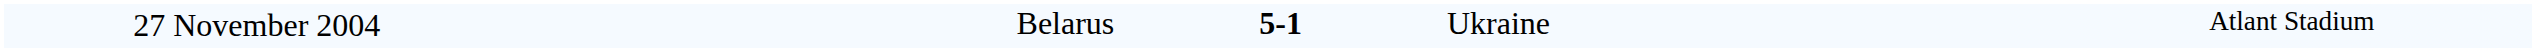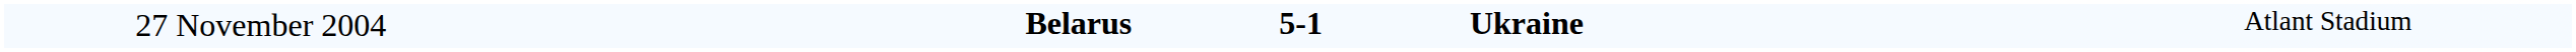 <table style="width: 100%; background:#F5FAFF;" cellspacing="0">
 <tr>
 <td align=center rowspan=3 width=20%>27 November 2004</td>
 </tr>
 <tr>
-<td width=24% align=right>Belarus </td>
+<td width=24% align=right><strong>Belarus </strong></td>
 <td align=center width=13%><strong>5-1</strong></td>
-<td width=24%> Ukraine</td>
+<td width=24%><strong> Ukraine</strong></td>
 <td style=font-size:85% rowspan=3 valign=top align=center>Atlant Stadium</td>
 </tr>
 <tr style=font-size:85%>
 <td align=right valign=top></td>
 <td></td>
 <td></td>
 </tr>
 </table>
